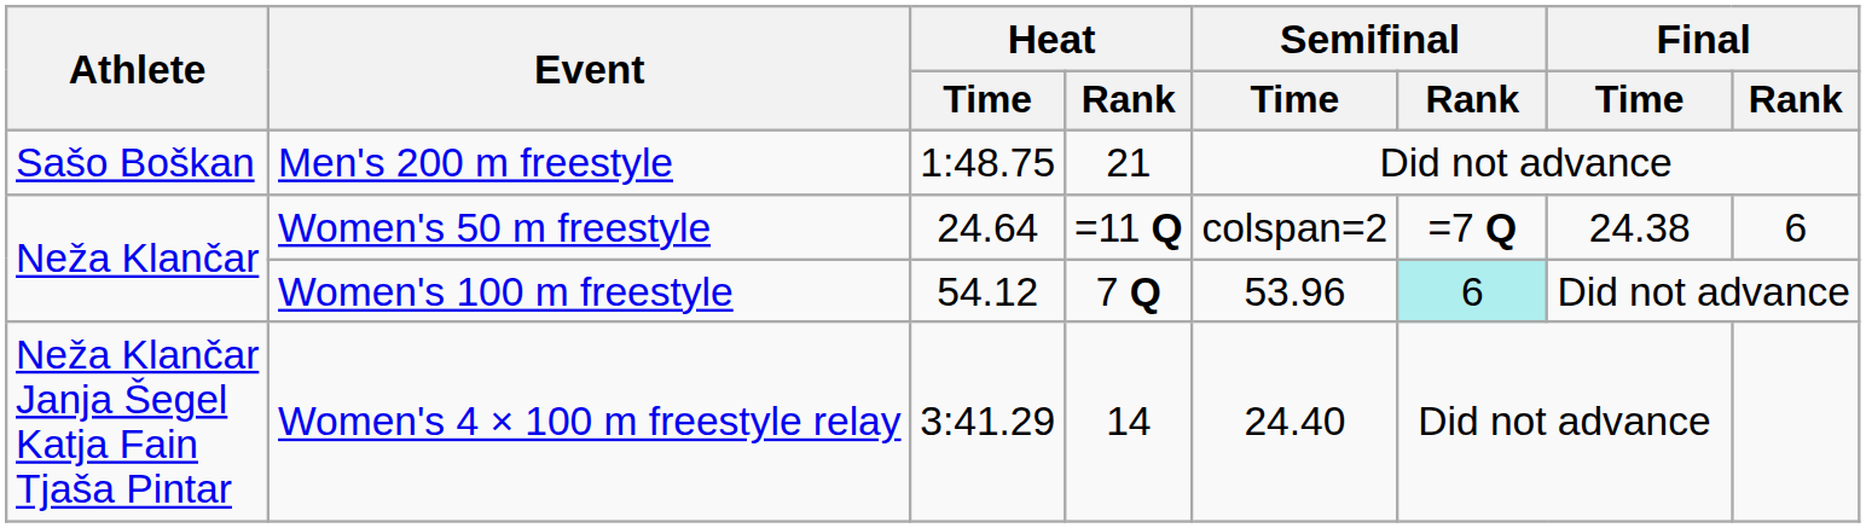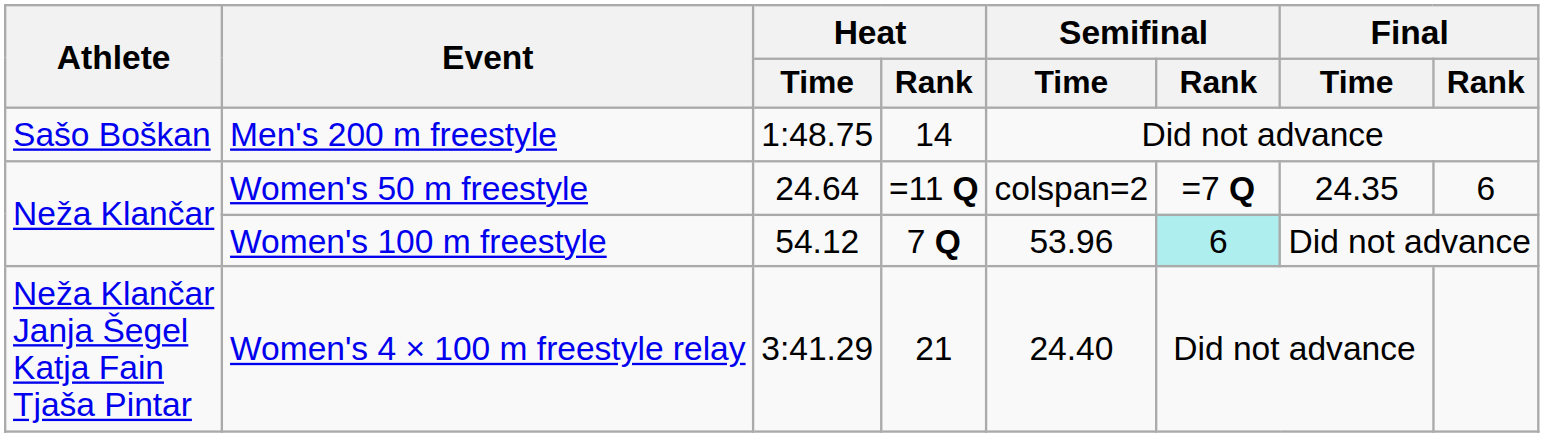 <table class=wikitable style="font-size:90%;">
 <tr>
 <th rowspan=2>Athlete</th>
 <th rowspan=2>Event</th>
 <th colspan=2>Heat</th>
 <th colspan=2>Semifinal</th>
 <th colspan=2>Final</th>
 </tr>
 <tr style=font-size:95%>
 <th>Time</th>
 <th>Rank</th>
 <th>Time</th>
 <th>Rank</th>
 <th>Time</th>
 <th>Rank</th>
 </tr>
 <tr align=center>
 <td align=left><a href='#'>Sašo Boškan</a></td>
 <td align=left><a href='#'>Men's 200 m freestyle</a></td>
 <td>1:48.75</td>
-<td>21</td>
+<td>14</td>
 <td colspan="4">Did not advance</td>
 </tr>
 <tr align=center>
 <td align=left rowspan=2><a href='#'>Neža Klančar</a></td>
 <td align=left><a href='#'>Women's 50 m freestyle</a></td>
 <td>24.64</td>
 <td>=11 <strong>Q</strong></td>
 <td>colspan=2 </td>
 <td>=7 <strong>Q</strong></td>
-<td>24.38 <strong></strong></td>
+<td>24.35 <strong></strong></td>
 <td>6</td>
 </tr>
 <tr align=center>
 <td align=left><a href='#'>Women's 100 m freestyle</a></td>
 <td>54.12</td>
 <td>7 <strong>Q</strong></td>
 <td>53.96 <strong></strong></td>
 <td style="background: paleturquoise;">6</td>
 <td colspan=2>Did not advance</td>
 </tr>
 <tr align=center>
 <td align=left><a href='#'>Neža Klančar</a><br><a href='#'>Janja Šegel</a><br><a href='#'>Katja Fain</a><br><a href='#'>Tjaša Pintar</a></td>
 <td align=left><a href='#'>Women's 4 × 100 m freestyle relay</a></td>
 <td>3:41.29</td>
-<td>14</td>
+<td>21</td>
 <td>24.40</td>
 <td colspan=2>Did not advance</td>
 </tr>
 </table>
